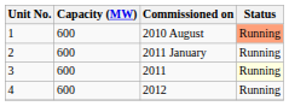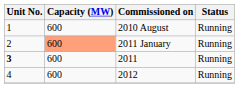 <table class="sortable wikitable">
 <tr>
 <th>Unit No.</th>
 <th>Capacity (<a href='#'>MW</a>)</th>
 <th>Commissioned on</th>
 <th>Status</th>
 </tr>
 <tr>
 <td>1</td>
 <td>600</td>
 <td>2010 August</td>
-<td style="background: lightsalmon;">Running </td>
+<td>Running </td>
 </tr>
 <tr>
 <td>2</td>
-<td>600</td>
+<td style="background: lightsalmon;">600</td>
 <td>2011 January</td>
 <td>Running</td>
 </tr>
 <tr>
-<td>3</td>
+<td><strong>3</strong></td>
 <td>600</td>
 <td>2011</td>
-<td style="background: lightyellow;">Running</td>
+<td>Running</td>
 </tr>
 <tr>
 <td>4</td>
 <td>600</td>
 <td>2012</td>
 <td>Running</td>
 </tr>
 <tr>
 </tr>
 </table>
